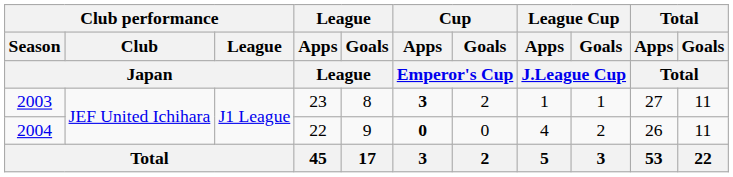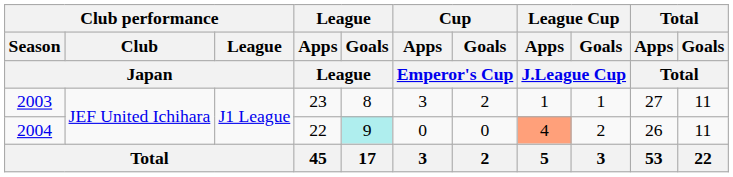 <table class="wikitable" style="text-align:center;">
 <tr>
 <th colspan=3>Club performance</th>
 <th colspan=2>League</th>
 <th colspan=2>Cup</th>
 <th colspan=2>League Cup</th>
 <th colspan=2>Total</th>
 </tr>
 <tr>
 <th>Season</th>
 <th>Club</th>
 <th>League</th>
 <th>Apps</th>
 <th>Goals</th>
 <th>Apps</th>
 <th>Goals</th>
 <th>Apps</th>
 <th>Goals</th>
 <th>Apps</th>
 <th>Goals</th>
 </tr>
 <tr>
 <th colspan=3>Japan</th>
 <th colspan=2>League</th>
 <th colspan=2><a href='#'>Emperor's Cup</a></th>
 <th colspan=2><a href='#'>J.League Cup</a></th>
 <th colspan=2>Total</th>
 </tr>
 <tr>
 <td><a href='#'>2003</a></td>
 <td rowspan="2"><a href='#'>JEF United Ichihara</a></td>
 <td rowspan="2"><a href='#'>J1 League</a></td>
 <td>23</td>
 <td>8</td>
-<td><strong>3</strong></td>
+<td>3</td>
 <td>2</td>
 <td>1</td>
 <td>1</td>
 <td>27</td>
 <td>11</td>
 </tr>
 <tr>
 <td><a href='#'>2004</a></td>
 <td>22</td>
-<td>9</td>
-<td><strong>0</strong></td>
+<td style="background: paleturquoise;">9</td>
 <td>0</td>
-<td>4</td>
+<td>0</td>
+<td style="background: lightsalmon;">4</td>
 <td>2</td>
 <td>26</td>
 <td>11</td>
 </tr>
 <tr>
 <th colspan=3>Total</th>
 <th>45</th>
 <th>17</th>
 <th>3</th>
 <th>2</th>
 <th>5</th>
 <th>3</th>
 <th>53</th>
 <th>22</th>
 </tr>
 </table>
